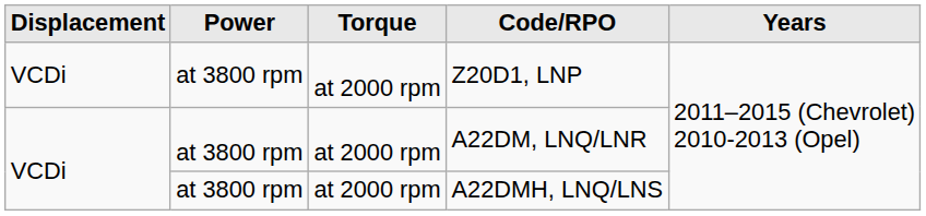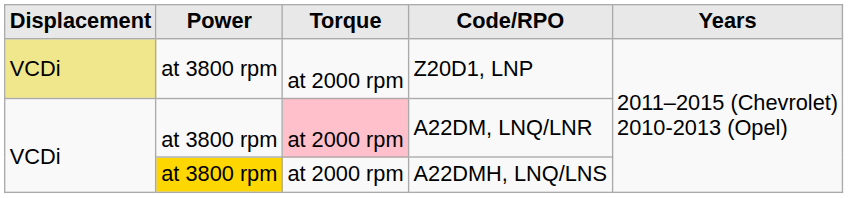 <table class="wikitable">
 <tr>
 <th style = "background:#e8e8e8;">Displacement</th>
 <th style = "background:#e8e8e8;">Power</th>
 <th style = "background:#e8e8e8;">Torque</th>
 <th style = "background:#e8e8e8;">Code/RPO</th>
 <th style = "background:#e8e8e8;">Years</th>
 </tr>
 <tr>
-<td> VCDi</td>
+<td style="background: khaki;"> VCDi</td>
 <td> at 3800 rpm</td>
 <td><br> at 2000 rpm</td>
 <td>Z20D1, LNP</td>
 <td rowspan="3">2011–2015 (Chevrolet)<br>2010-2013 (Opel)</td>
 </tr>
 <tr>
 <td rowspan="2"><br> VCDi</td>
 <td><br> at 3800 rpm</td>
-<td><br> at 2000 rpm</td>
+<td style="background: pink;"><br> at 2000 rpm</td>
 <td>A22DM, LNQ/LNR</td>
 </tr>
 <tr>
-<td> at 3800 rpm</td>
+<td style="background: gold;"> at 3800 rpm</td>
 <td> at 2000 rpm</td>
 <td>A22DMH, LNQ/LNS</td>
 </tr>
 </table>
